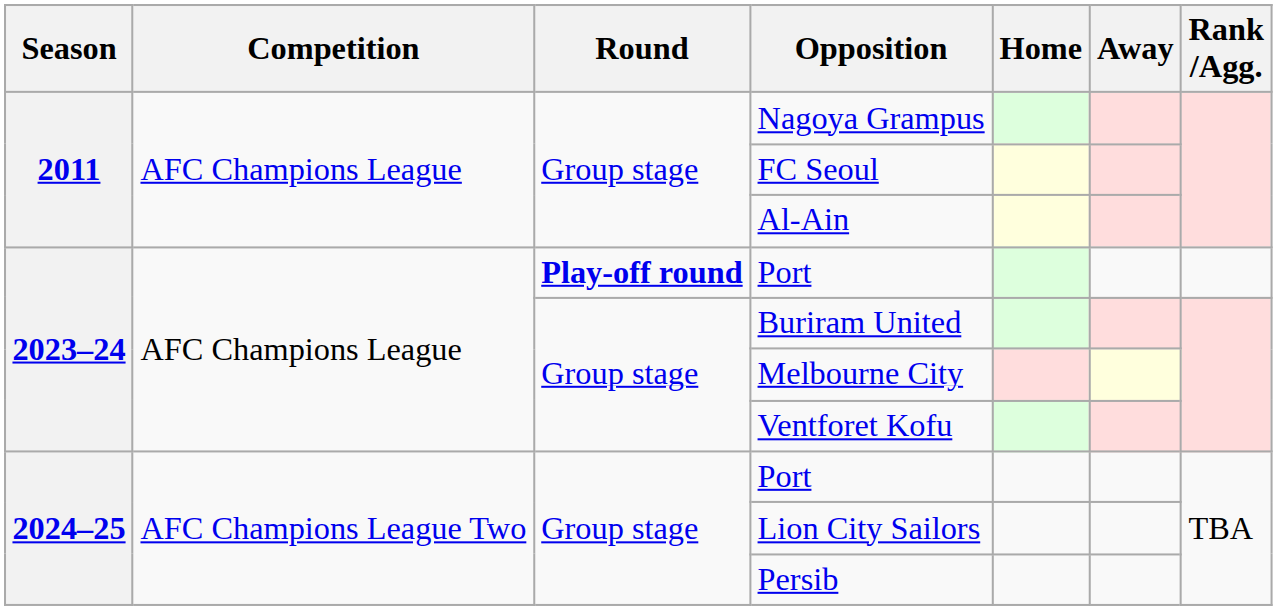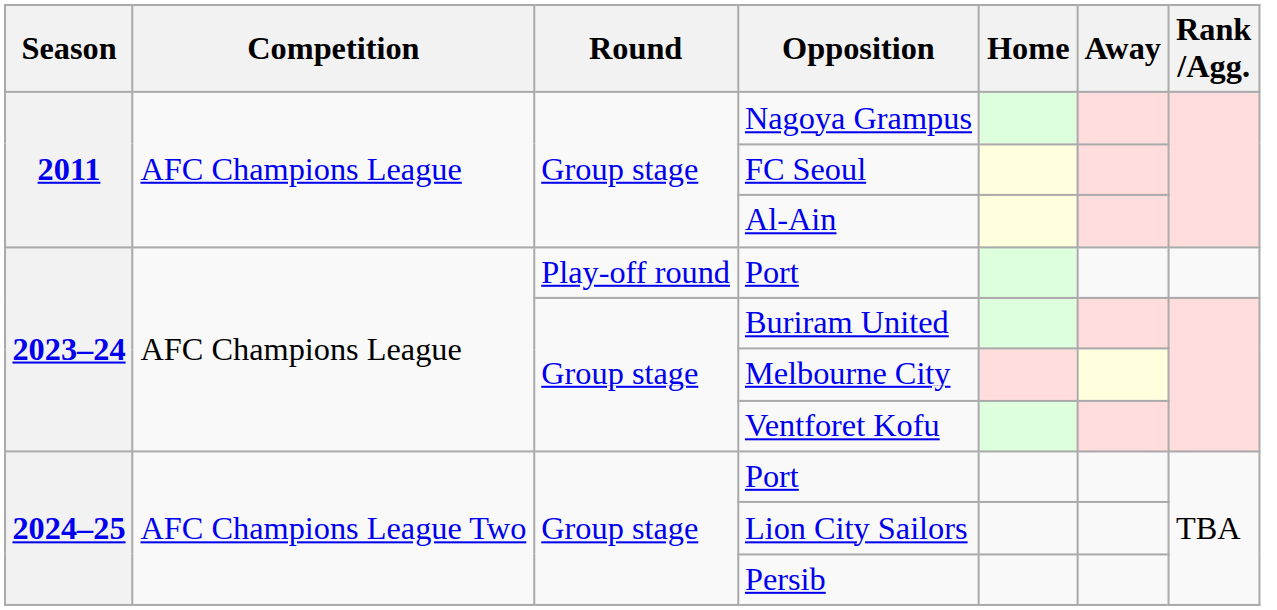 <table class="wikitable plainrowheaders">
 <tr>
 <th scope="col">Season</th>
 <th scope="col">Competition</th>
 <th scope="col">Round</th>
 <th scope="col">Opposition</th>
 <th scope="col">Home</th>
 <th scope="col">Away</th>
 <th scope="col">Rank<br>/Agg.</th>
 </tr>
 <tr>
 <th rowspan="3" scope="row" style="text-align:center"><a href='#'>2011</a></th>
 <td rowspan="3"><a href='#'>AFC Champions League</a></td>
 <td rowspan="3"><a href='#'>Group stage</a></td>
 <td> <a href='#'>Nagoya Grampus</a></td>
 <td style="background:#dfd;"></td>
 <td style="background:#fdd;"></td>
 <td rowspan="3" style="background:#fdd;"></td>
 </tr>
 <tr>
 <td> <a href='#'>FC Seoul</a></td>
 <td style="background:#ffd;"></td>
 <td style="background:#fdd;"></td>
 </tr>
 <tr>
 <td> <a href='#'>Al-Ain</a></td>
 <td style="background:#ffd;"></td>
 <td style="background:#fdd;"></td>
 </tr>
 <tr>
 <th rowspan="4" scope="row" style="text-align:center"><a href='#'>2023–24</a></th>
 <td rowspan="4">AFC Champions League</td>
-<td><strong><a href='#'>Play-off round</a></strong></td>
+<td><a href='#'>Play-off round</a></td>
 <td> <a href='#'>Port</a></td>
 <td style="background:#dfd;"></td>
 <td></td>
 <td></td>
 </tr>
 <tr>
 <td rowspan="3"><a href='#'>Group stage</a></td>
 <td> <a href='#'>Buriram United</a></td>
 <td style="background:#dfd"></td>
 <td style="background:#fdd;"></td>
 <td rowspan="3" style="background:#fdd"></td>
 </tr>
 <tr>
 <td> <a href='#'>Melbourne City</a></td>
 <td style="background:#fdd"></td>
 <td style="background:#ffd"></td>
 </tr>
 <tr>
 <td> <a href='#'>Ventforet Kofu</a></td>
 <td style="background:#dfd"></td>
 <td style="background:#fdd"></td>
 </tr>
 <tr>
 <th rowspan="3" scope="row" style="text-align:center"><a href='#'>2024–25</a></th>
 <td rowspan="3"><a href='#'>AFC Champions League Two</a></td>
 <td rowspan="3"><a href='#'>Group stage</a></td>
 <td> <a href='#'>Port</a></td>
 <td></td>
 <td></td>
 <td rowspan="3">TBA</td>
 </tr>
 <tr>
 <td> <a href='#'>Lion City Sailors</a></td>
 <td></td>
 <td></td>
 </tr>
 <tr>
 <td> <a href='#'>Persib</a></td>
 <td></td>
 <td></td>
 </tr>
 </table>
